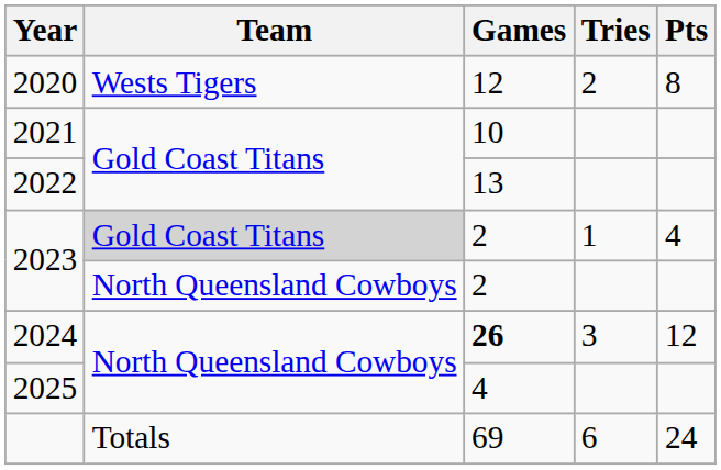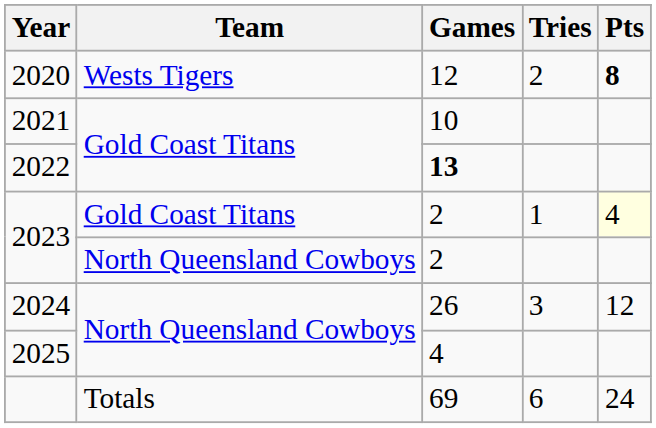 <table class="wikitable">
 <tr>
 <th>Year</th>
 <th>Team</th>
 <th>Games</th>
 <th>Tries</th>
 <th>Pts</th>
 </tr>
 <tr>
 <td>2020</td>
 <td> <a href='#'>Wests Tigers</a></td>
 <td>12</td>
 <td>2</td>
-<td>8</td>
+<td><strong>8</strong></td>
 </tr>
 <tr>
 <td>2021</td>
 <td rowspan="2"> <a href='#'>Gold Coast Titans</a></td>
 <td>10</td>
 <td></td>
 <td></td>
 </tr>
 <tr>
 <td>2022</td>
-<td>13</td>
+<td><strong>13</strong></td>
 <td></td>
 <td></td>
 </tr>
 <tr>
 <td rowspan="2">2023</td>
-<td style="background: lightgrey;"> <a href='#'>Gold Coast Titans</a></td>
+<td> <a href='#'>Gold Coast Titans</a></td>
 <td>2</td>
 <td>1</td>
-<td>4</td>
+<td style="background: lightyellow;">4</td>
 </tr>
 <tr>
 <td> <a href='#'>North Queensland Cowboys</a></td>
 <td>2</td>
 <td></td>
 <td></td>
 </tr>
 <tr>
 <td>2024</td>
 <td rowspan="2"> <a href='#'>North Queensland Cowboys</a></td>
-<td><strong>26</strong></td>
+<td>26</td>
 <td>3</td>
 <td>12</td>
 </tr>
 <tr>
 <td>2025</td>
 <td>4</td>
 <td></td>
 <td></td>
 </tr>
 <tr>
 <td></td>
 <td>Totals</td>
 <td>69</td>
 <td>6</td>
 <td>24</td>
 </tr>
 </table>
